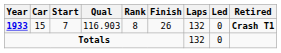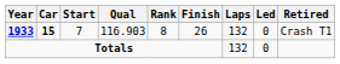 <table class="wikitable" style="text-align:center">
 <tr>
 <th>Year</th>
 <th>Car</th>
 <th>Start</th>
 <th>Qual</th>
 <th>Rank</th>
 <th>Finish</th>
 <th>Laps</th>
 <th>Led</th>
 <th>Retired</th>
 </tr>
 <tr>
 <th><a href='#'>1933</a></th>
-<td>15</td>
+<td><strong>15</strong></td>
 <td>7</td>
 <td>116.903</td>
 <td>8</td>
 <td>26</td>
 <td>132</td>
 <td>0</td>
-<td><strong>Crash T1</strong></td>
+<td>Crash T1</td>
 </tr>
 <tr>
 <td colspan=6><strong>Totals</strong></td>
 <td>132</td>
 <td>0</td>
 <td></td>
 </tr>
 </table>
